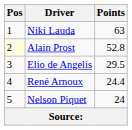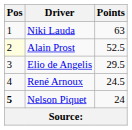 <table class="wikitable" style="font-size: 95%;">
 <tr>
 <th>Pos</th>
 <th>Driver</th>
 <th>Points</th>
 </tr>
 <tr>
 <td>1</td>
 <td> <a href='#'>Niki Lauda</a></td>
 <td align="right">63</td>
 </tr>
 <tr>
 <td style="background: lightyellow;">2</td>
 <td> <a href='#'>Alain Prost</a></td>
-<td align="right">52.8</td>
+<td align="right">52.5</td>
 </tr>
 <tr>
 <td>3</td>
 <td> <a href='#'>Elio de Angelis</a></td>
 <td align="right">29.5</td>
 </tr>
 <tr>
 <td>4</td>
 <td> <a href='#'>René Arnoux</a></td>
-<td align="right">24.4</td>
+<td align="right">24.5</td>
 </tr>
 <tr>
-<td>5</td>
+<td><strong>5</strong></td>
 <td> <a href='#'>Nelson Piquet</a></td>
 <td align="right">24</td>
 </tr>
 <tr>
 <th colspan=4>Source: </th>
 </tr>
 </table>
